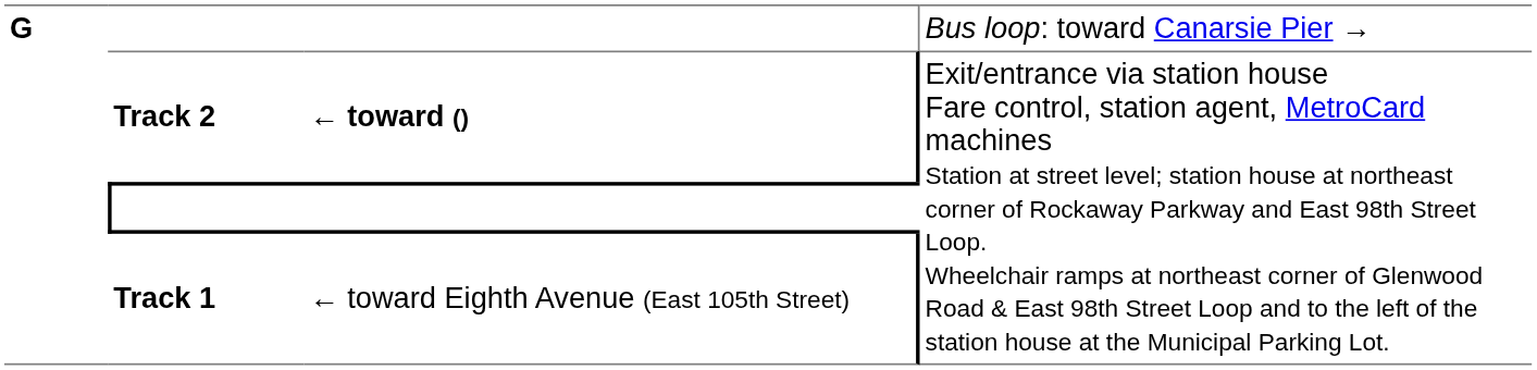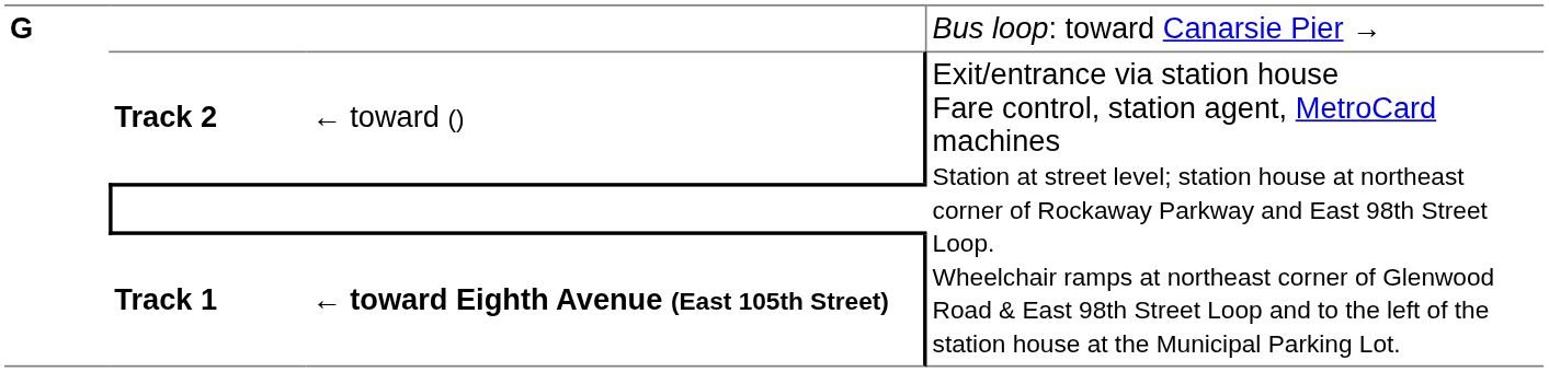 <table border=0 cellspacing=0 cellpadding=3>
 <tr>
 <td style="border-top:solid 1px gray;border-bottom:solid 1px gray;" width=50 rowspan=4 valign=top><strong>G</strong></td>
 <td style="border-top:solid 1px gray;border-right:solid 1px gray;" colspan=2></td>
 <td style="border-top:solid 1px gray;"><em>Bus loop</em>: <span><strong></strong></span> toward <a href='#'>Canarsie Pier</a> →</td>
 </tr>
 <tr>
 <td style="border-top:solid 1px gray;" width=100><span><strong>Track 2</strong></span></td>
-<td style="border-top:solid 1px gray;border-right:solid 2px black;" width=325><strong>←  toward  <small>()</small></strong></td>
+<td style="border-top:solid 1px gray;border-right:solid 2px black;" width=325>←  toward  <small>()</small></td>
 <td style="border-top:solid 1px gray;border-bottom:solid 1px gray" width=325 rowspan=3>Exit/entrance via station house<br>Fare control, station agent, <a href='#'>MetroCard</a> machines<br><small> Station at street level; station house at northeast corner of Rockaway Parkway and East 98th Street Loop.<br>Wheelchair ramps at northeast corner of Glenwood Road & East 98th Street Loop and to the left of the station house at the Municipal Parking Lot.</small></td>
 </tr>
 <tr>
 <td style="border-top:solid 2px black;border-left:solid 2px black;border-bottom:solid 2px black;text-align:center;" colspan=2></td>
 </tr>
 <tr>
 <td style="border-bottom:solid 1px gray;"><span><strong>Track 1</strong></span></td>
-<td style="border-bottom:solid 1px gray;border-right:solid 2px black;">←  toward Eighth Avenue <small>(East 105th Street)</small></td>
+<td style="border-bottom:solid 1px gray;border-right:solid 2px black;"><strong>←  toward Eighth Avenue <small>(East 105th Street)</small></strong></td>
 </tr>
 </table>
